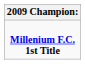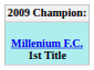 <table class="wikitable" style="text-align: center; margin: 0 auto;">
 <tr>
 <th>2009 Champion:</th>
 </tr>
 <tr>
-<td><br><strong><a href='#'>Millenium F.C.</a></strong><br><strong>1st Title</strong></td>
+<td style="background: paleturquoise;"><br><strong><a href='#'>Millenium F.C.</a></strong><br><strong>1st Title</strong></td>
 </tr>
 </table>
